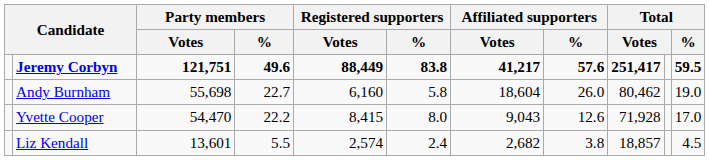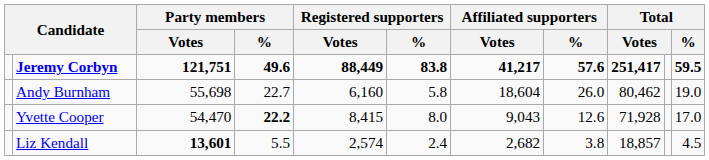 <table class="wikitable" style="font-size:95%;">
 <tr>
 <th colspan="2" scope="col" rowspan="2" style="width:125px;">Candidate</th>
 <th scope="col" colspan="2" style="width:150px;">Party members</th>
 <th scope="col" colspan="2" style="width:150px;">Registered supporters</th>
 <th scope="col" colspan="2" style="width:150px;">Affiliated supporters</th>
 <th scope="col" colspan="3" style="width:75px;">Total</th>
 </tr>
 <tr>
 <th>Votes</th>
 <th>%</th>
 <th>Votes</th>
 <th>%</th>
 <th>Votes</th>
 <th>%</th>
 <th scope="col" colspan="2">Votes</th>
 <th>%</th>
 </tr>
 <tr style="text-align:right;">
 <td style="background-color: "></td>
 <td scope="row" style="text-align:left;"><strong><a href='#'>Jeremy Corbyn</a></strong> </td>
 <td><strong>121,751</strong></td>
 <td><strong>49.6</strong></td>
 <td><strong>88,449</strong></td>
 <td><strong>83.8</strong></td>
 <td><strong>41,217</strong></td>
 <td><strong>57.6</strong></td>
 <td><strong>251,417</strong></td>
 <td align=center></td>
 <td><strong>59.5</strong></td>
 </tr>
 <tr style="text-align:right;">
 <td style="background-color: "></td>
 <td scope="row" style="text-align:left;"><a href='#'>Andy Burnham</a></td>
 <td>55,698</td>
 <td>22.7</td>
 <td>6,160</td>
 <td>5.8</td>
 <td>18,604</td>
 <td>26.0</td>
 <td>80,462</td>
 <td align=center></td>
 <td>19.0</td>
 </tr>
 <tr style="text-align:right;">
 <td style="background-color: "></td>
 <td scope="row" style="text-align:left;"><a href='#'>Yvette Cooper</a></td>
 <td>54,470</td>
-<td>22.2</td>
+<td><strong>22.2</strong></td>
 <td>8,415</td>
 <td>8.0</td>
 <td>9,043</td>
 <td>12.6</td>
 <td>71,928</td>
 <td align=center></td>
 <td>17.0</td>
 </tr>
 <tr style="text-align:right;">
 <td style="background-color: "></td>
 <td scope="row" style="text-align:left;"><a href='#'>Liz Kendall</a></td>
-<td>13,601</td>
+<td><strong>13,601</strong></td>
 <td>5.5</td>
 <td>2,574</td>
 <td>2.4</td>
 <td>2,682</td>
 <td>3.8</td>
 <td>18,857</td>
 <td align=center></td>
 <td>4.5</td>
 </tr>
 </table>
